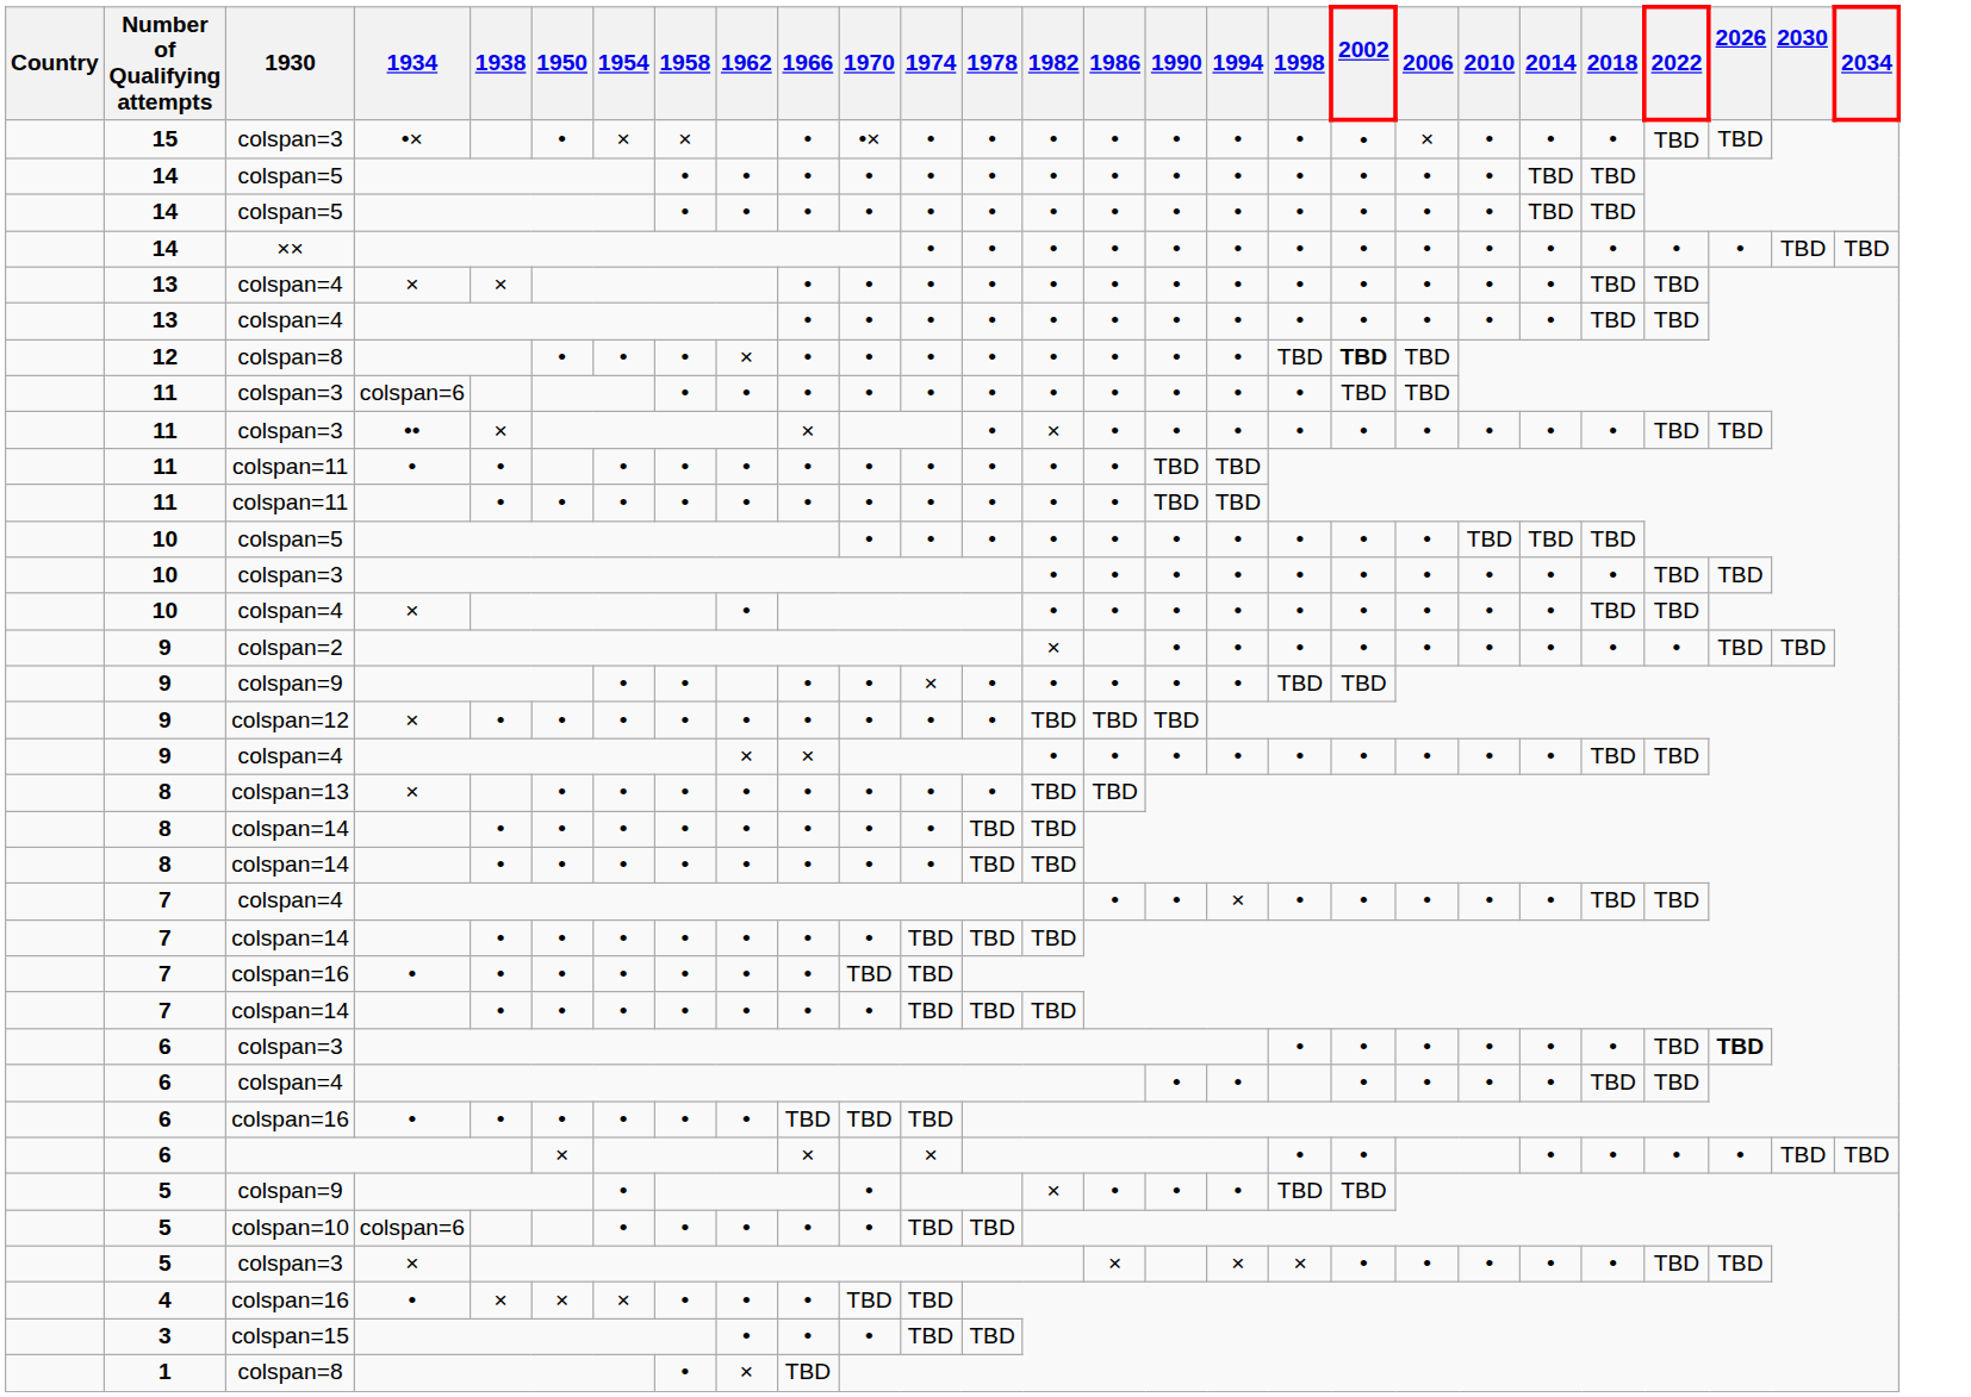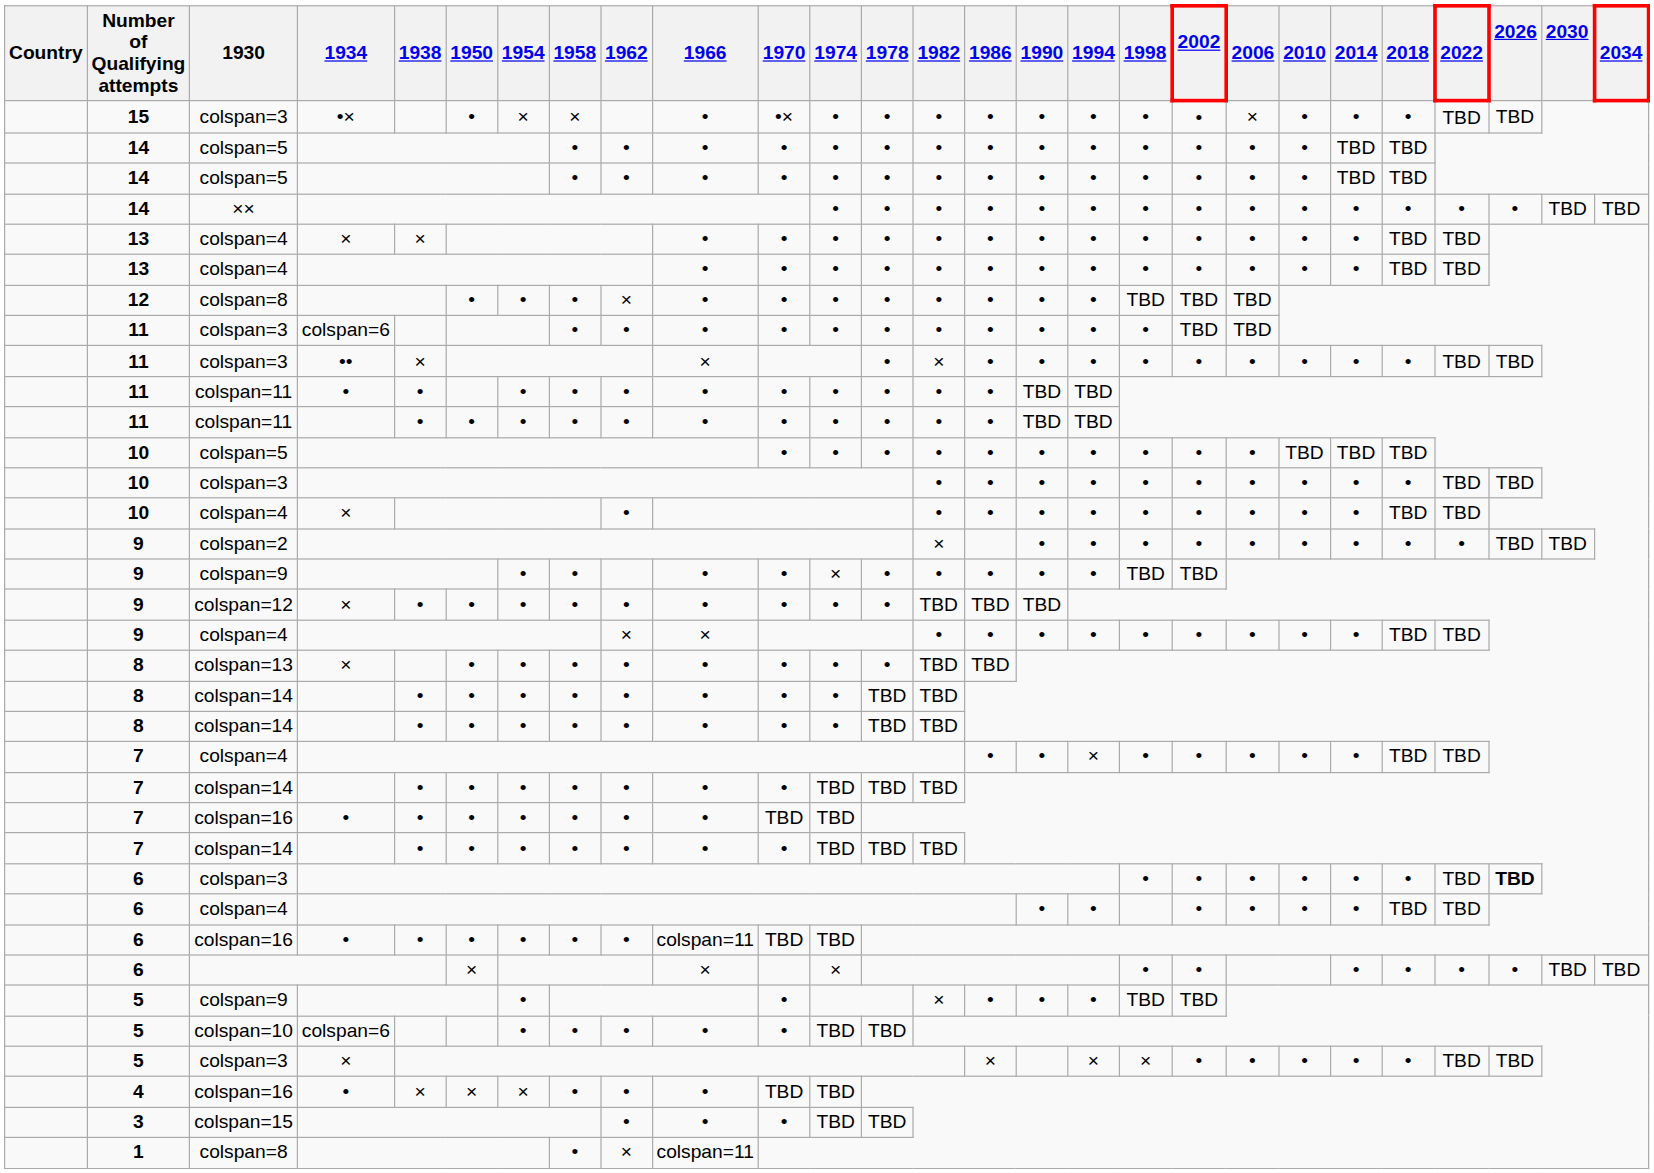 <table class="wikitable" style="text-align: center;">
 <tr>
 <th>Country</th>
 <th>Number of <br> Qualifying<br>attempts</th>
 <th>1930<br> </th>
 <th><a href='#'>1934</a><br> </th>
 <th><a href='#'>1938</a><br> </th>
 <th><a href='#'>1950</a><br> </th>
 <th><a href='#'>1954</a><br> </th>
 <th><a href='#'>1958</a><br> </th>
 <th><a href='#'>1962</a><br> </th>
 <th><a href='#'>1966</a><br> </th>
 <th><a href='#'>1970</a><br> </th>
 <th><a href='#'>1974</a><br> </th>
 <th><a href='#'>1978</a><br> </th>
 <th><a href='#'>1982</a><br> </th>
 <th><a href='#'>1986</a><br> </th>
 <th><a href='#'>1990</a><br> </th>
 <th><a href='#'>1994</a><br> </th>
 <th><a href='#'>1998</a><br> </th>
 <th style="border:3px solid red"><a href='#'>2002</a><br> <br></th>
 <th><a href='#'>2006</a><br> </th>
 <th><a href='#'>2010</a><br> </th>
 <th><a href='#'>2014</a><br> </th>
 <th><a href='#'>2018</a><br> </th>
 <th style="border:3px solid red"><a href='#'>2022</a><br> </th>
 <th><a href='#'>2026</a><br> <br> <br> </th>
 <th><a href='#'>2030</a><br> <br><br></th>
 <th style="border:3px solid red"><a href='#'>2034</a><br> </th>
 </tr>
 <tr>
 <td style="text-align: left;"></td>
 <td><strong>15</strong></td>
 <td>colspan=3  </td>
 <td>•×</td>
 <td></td>
 <td>•</td>
 <td>×</td>
 <td>×</td>
 <td></td>
 <td>•</td>
 <td>•×</td>
 <td>•</td>
 <td>•</td>
 <td>•</td>
 <td>•</td>
 <td>•</td>
 <td>•</td>
 <td>•</td>
 <td>•</td>
 <td>×</td>
 <td>•</td>
 <td>•</td>
 <td>•</td>
 <td>TBD</td>
 <td>TBD</td>
 </tr>
 <tr>
 <td style="text-align: left;"></td>
 <td><strong>14</strong></td>
 <td>colspan=5 </td>
 <td colspan=4></td>
 <td>•</td>
 <td>•</td>
 <td>•</td>
 <td>•</td>
 <td>•</td>
 <td>•</td>
 <td>•</td>
 <td>•</td>
 <td>•</td>
 <td>•</td>
 <td>•</td>
 <td>•</td>
 <td>•</td>
 <td>•</td>
 <td>TBD</td>
 <td>TBD</td>
 </tr>
 <tr>
 <td style="text-align: left;"></td>
 <td><strong>14</strong></td>
 <td>colspan=5 </td>
 <td colspan=4></td>
 <td>•</td>
 <td>•</td>
 <td>•</td>
 <td>•</td>
 <td>•</td>
 <td>•</td>
 <td>•</td>
 <td>•</td>
 <td>•</td>
 <td>•</td>
 <td>•</td>
 <td>•</td>
 <td>•</td>
 <td>•</td>
 <td>TBD</td>
 <td>TBD</td>
 </tr>
 <tr>
 <td style="text-align: left;"></td>
 <td><strong>14</strong></td>
 <td>××</td>
 <td colspan=8></td>
 <td>•</td>
 <td>•</td>
 <td>•</td>
 <td>•</td>
 <td>•</td>
 <td>•</td>
 <td>•</td>
 <td>•</td>
 <td>•</td>
 <td>•</td>
 <td>•</td>
 <td>•</td>
 <td>•</td>
 <td>•</td>
 <td>TBD</td>
 <td>TBD</td>
 </tr>
 <tr>
 <td style="text-align: left;"></td>
 <td><strong>13</strong></td>
 <td>colspan=4 </td>
 <td>×</td>
 <td>×</td>
 <td colspan=4></td>
 <td>•</td>
 <td>•</td>
 <td>•</td>
 <td>•</td>
 <td>•</td>
 <td>•</td>
 <td>•</td>
 <td>•</td>
 <td>•</td>
 <td>•</td>
 <td>•</td>
 <td>•</td>
 <td>•</td>
 <td>TBD</td>
 <td>TBD</td>
 </tr>
 <tr>
 <td style="text-align: left;"></td>
 <td><strong>13</strong></td>
 <td>colspan=4 </td>
 <td colspan=6></td>
 <td>•</td>
 <td>•</td>
 <td>•</td>
 <td>•</td>
 <td>•</td>
 <td>•</td>
 <td>•</td>
 <td>•</td>
 <td>•</td>
 <td>•</td>
 <td>•</td>
 <td>•</td>
 <td>•</td>
 <td>TBD</td>
 <td>TBD</td>
 </tr>
 <tr>
 <td style="text-align: left;"></td>
 <td><strong>12</strong></td>
 <td>colspan=8 </td>
 <td colspan=2></td>
 <td>•</td>
 <td>•</td>
 <td>•</td>
 <td>×</td>
 <td>•</td>
 <td>•</td>
 <td>•</td>
 <td>•</td>
 <td>•</td>
 <td>•</td>
 <td>•</td>
 <td>•</td>
 <td>TBD</td>
-<td><strong>TBD</strong></td>
+<td>TBD</td>
 <td>TBD</td>
 </tr>
 <tr>
 <td style="text-align: left;"></td>
 <td><strong>11</strong></td>
 <td>colspan=3 </td>
 <td>colspan=6 </td>
 <td></td>
 <td colspan=2></td>
 <td>•</td>
 <td>•</td>
 <td>•</td>
 <td>•</td>
 <td>•</td>
 <td>•</td>
 <td>•</td>
 <td>•</td>
 <td>•</td>
 <td>•</td>
 <td>•</td>
 <td>TBD</td>
 <td>TBD</td>
 </tr>
 <tr>
 <td style="text-align: left;"></td>
 <td><strong>11</strong></td>
 <td>colspan=3 </td>
 <td>••</td>
 <td>×</td>
 <td colspan=4></td>
 <td>×</td>
 <td colspan=2></td>
 <td>•</td>
 <td>×</td>
 <td>•</td>
 <td>•</td>
 <td>•</td>
 <td>•</td>
 <td>•</td>
 <td>•</td>
 <td>•</td>
 <td>•</td>
 <td>•</td>
 <td>TBD</td>
 <td>TBD</td>
 </tr>
 <tr>
 <td style="text-align: left;"></td>
 <td><strong>11</strong></td>
 <td>colspan=11 </td>
 <td>•</td>
 <td>•</td>
 <td></td>
 <td>•</td>
 <td>•</td>
 <td>•</td>
 <td>•</td>
 <td>•</td>
 <td>•</td>
 <td>•</td>
 <td>•</td>
 <td>•</td>
 <td>TBD</td>
 <td>TBD</td>
 </tr>
 <tr>
 <td style="text-align: left;"></td>
 <td><strong>11</strong></td>
 <td>colspan=11 </td>
 <td></td>
 <td>•</td>
 <td>•</td>
 <td>•</td>
 <td>•</td>
 <td>•</td>
 <td>•</td>
 <td>•</td>
 <td>•</td>
 <td>•</td>
 <td>•</td>
 <td>•</td>
 <td>TBD</td>
 <td>TBD</td>
 </tr>
 <tr>
 <td style="text-align: left;"></td>
 <td><strong>10</strong></td>
 <td>colspan=5 </td>
 <td colspan=7></td>
 <td>•</td>
 <td>•</td>
 <td>•</td>
 <td>•</td>
 <td>•</td>
 <td>•</td>
 <td>•</td>
 <td>•</td>
 <td>•</td>
 <td>•</td>
 <td>TBD</td>
 <td>TBD</td>
 <td>TBD</td>
 </tr>
 <tr>
 <td style="text-align: left;"></td>
 <td><strong>10</strong></td>
 <td>colspan=3 </td>
 <td colspan=10></td>
 <td>•</td>
 <td>•</td>
 <td>•</td>
 <td>•</td>
 <td>•</td>
 <td>•</td>
 <td>•</td>
 <td>•</td>
 <td>•</td>
 <td>•</td>
 <td>TBD</td>
 <td>TBD</td>
 </tr>
 <tr>
 <td style="text-align: left;"></td>
 <td><strong>10</strong></td>
 <td>colspan=4 </td>
 <td>×</td>
 <td colspan=4></td>
 <td>•</td>
 <td colspan=4></td>
 <td>•</td>
 <td>•</td>
 <td>•</td>
 <td>•</td>
 <td>•</td>
 <td>•</td>
 <td>•</td>
 <td>•</td>
 <td>•</td>
 <td>TBD</td>
 <td>TBD</td>
 </tr>
 <tr>
 <td style="text-align: left;"></td>
 <td><strong>9</strong></td>
 <td>colspan=2 </td>
 <td colspan=10></td>
 <td>×</td>
 <td></td>
 <td>•</td>
 <td>•</td>
 <td>•</td>
 <td>•</td>
 <td>•</td>
 <td>•</td>
 <td>•</td>
 <td>•</td>
 <td>•</td>
 <td>TBD</td>
 <td>TBD</td>
 </tr>
 <tr>
 <td style="text-align: left;"></td>
 <td><strong>9</strong></td>
 <td>colspan=9 </td>
 <td colspan=3></td>
 <td>•</td>
 <td>•</td>
 <td></td>
 <td>•</td>
 <td>•</td>
 <td>×</td>
 <td>•</td>
 <td>•</td>
 <td>•</td>
 <td>•</td>
 <td>•</td>
 <td>TBD</td>
 <td>TBD</td>
 </tr>
 <tr>
 <td style="text-align: left;"></td>
 <td><strong>9</strong></td>
 <td>colspan=12 </td>
 <td>×</td>
 <td>•</td>
 <td>•</td>
 <td>•</td>
 <td>•</td>
 <td>•</td>
 <td>•</td>
 <td>•</td>
 <td>•</td>
 <td>•</td>
 <td>TBD</td>
 <td>TBD</td>
 <td>TBD</td>
 </tr>
 <tr>
 <td style="text-align: left;"></td>
 <td><strong>9</strong></td>
 <td>colspan=4 </td>
 <td colspan=5></td>
 <td>×</td>
 <td>×</td>
 <td colspan=3></td>
 <td>•</td>
 <td>•</td>
 <td>•</td>
 <td>•</td>
 <td>•</td>
 <td>•</td>
 <td>•</td>
 <td>•</td>
 <td>•</td>
 <td>TBD</td>
 <td>TBD</td>
 </tr>
 <tr>
 <td style="text-align: left;"></td>
 <td><strong>8</strong></td>
 <td>colspan=13 </td>
 <td>×</td>
 <td></td>
 <td>•</td>
 <td>•</td>
 <td>•</td>
 <td>•</td>
 <td>•</td>
 <td>•</td>
 <td>•</td>
 <td>•</td>
 <td>TBD</td>
 <td>TBD</td>
 </tr>
 <tr>
 <td style="text-align: left;"></td>
 <td><strong>8</strong></td>
 <td>colspan=14 </td>
 <td></td>
 <td>•</td>
 <td>•</td>
 <td>•</td>
 <td>•</td>
 <td>•</td>
 <td>•</td>
 <td>•</td>
 <td>•</td>
 <td>TBD</td>
 <td>TBD</td>
 </tr>
 <tr>
 <td style="text-align: left;"></td>
 <td><strong>8</strong></td>
 <td>colspan=14 </td>
 <td></td>
 <td>•</td>
 <td>•</td>
 <td>•</td>
 <td>•</td>
 <td>•</td>
 <td>•</td>
 <td>•</td>
 <td>•</td>
 <td>TBD</td>
 <td>TBD</td>
 </tr>
 <tr>
 <td style="text-align: left;"></td>
 <td><strong>7</strong></td>
 <td>colspan=4 </td>
 <td colspan=11></td>
 <td>•</td>
 <td>•</td>
 <td>×</td>
 <td>•</td>
 <td>•</td>
 <td>•</td>
 <td>•</td>
 <td>•</td>
 <td>TBD</td>
 <td>TBD</td>
 </tr>
 <tr>
 <td style="text-align: left;"></td>
 <td><strong>7</strong></td>
 <td>colspan=14 </td>
 <td></td>
 <td>•</td>
 <td>•</td>
 <td>•</td>
 <td>•</td>
 <td>•</td>
 <td>•</td>
 <td>•</td>
 <td>TBD</td>
 <td>TBD</td>
 <td>TBD</td>
 </tr>
 <tr>
 <td style="text-align: left;"></td>
 <td><strong>7</strong></td>
 <td>colspan=16 </td>
 <td>•</td>
 <td>•</td>
 <td>•</td>
 <td>•</td>
 <td>•</td>
 <td>•</td>
 <td>•</td>
 <td>TBD</td>
 <td>TBD</td>
 </tr>
 <tr>
 <td style="text-align: left;"></td>
 <td><strong>7</strong></td>
 <td>colspan=14 </td>
 <td></td>
 <td>•</td>
 <td>•</td>
 <td>•</td>
 <td>•</td>
 <td>•</td>
 <td>•</td>
 <td>•</td>
 <td>TBD</td>
 <td>TBD</td>
 <td>TBD</td>
 </tr>
 <tr>
 <td style="text-align: left;"></td>
 <td><strong>6</strong></td>
 <td>colspan=3 </td>
 <td colspan=14></td>
 <td>•</td>
 <td>•</td>
 <td>•</td>
 <td>•</td>
 <td>•</td>
 <td>•</td>
 <td>TBD</td>
 <td><strong>TBD</strong></td>
 </tr>
 <tr>
 <td style="text-align: left;"></td>
 <td><strong>6</strong></td>
 <td>colspan=4 </td>
 <td colspan=12></td>
 <td>•</td>
 <td>•</td>
 <td></td>
 <td>•</td>
 <td>•</td>
 <td>•</td>
 <td>•</td>
 <td>TBD</td>
 <td>TBD</td>
 </tr>
 <tr>
 <td style="text-align: left;"></td>
 <td><strong>6</strong></td>
 <td>colspan=16 </td>
 <td>•</td>
 <td>•</td>
 <td>•</td>
 <td>•</td>
 <td>•</td>
 <td>•</td>
-<td>TBD</td>
+<td>colspan=11 </td>
 <td>TBD</td>
 <td>TBD</td>
 </tr>
 <tr>
 <td style="text-align: left;"></td>
 <td><strong>6</strong></td>
 <td colspan=3></td>
 <td>×</td>
 <td colspan=3></td>
 <td>×</td>
 <td></td>
 <td>×</td>
 <td colspan=5></td>
 <td>•</td>
 <td>•</td>
 <td colspan=2></td>
 <td>•</td>
 <td>•</td>
 <td>•</td>
 <td>•</td>
 <td>TBD</td>
 <td>TBD</td>
 </tr>
 <tr>
 <td style="text-align: left;"></td>
 <td><strong>5</strong></td>
 <td>colspan=9 </td>
 <td colspan=3></td>
 <td>•</td>
 <td colspan=3></td>
 <td>•</td>
 <td colspan=2></td>
 <td>×</td>
 <td>•</td>
 <td>•</td>
 <td>•</td>
 <td>TBD</td>
 <td>TBD</td>
 </tr>
 <tr>
 <td style="text-align: left;"></td>
 <td><strong>5</strong></td>
 <td>colspan=10 </td>
 <td>colspan=6 </td>
 <td></td>
 <td></td>
 <td>•</td>
 <td>•</td>
 <td>•</td>
 <td>•</td>
 <td>•</td>
 <td>TBD</td>
 <td>TBD</td>
 </tr>
 <tr>
 <td style="text-align: left;"></td>
 <td><strong>5</strong></td>
 <td>colspan=3 </td>
 <td>×</td>
 <td colspan=10></td>
 <td>×</td>
 <td></td>
 <td>×</td>
 <td>×</td>
 <td>•</td>
 <td>•</td>
 <td>•</td>
 <td>•</td>
 <td>•</td>
 <td>TBD</td>
 <td>TBD</td>
 </tr>
 <tr>
 <td style="text-align: left;"></td>
 <td><strong>4</strong></td>
 <td>colspan=16 </td>
 <td>•</td>
 <td>×</td>
 <td>×</td>
 <td>×</td>
 <td>•</td>
 <td>•</td>
 <td>•</td>
 <td>TBD</td>
 <td>TBD</td>
 </tr>
 <tr>
 <td style="text-align: left;"></td>
 <td><strong>3</strong></td>
 <td>colspan=15 </td>
 <td colspan=5></td>
 <td>•</td>
 <td>•</td>
 <td>•</td>
 <td>TBD</td>
 <td>TBD</td>
 </tr>
 <tr>
 <td style="text-align: left;"><em></em></td>
 <td><strong>1</strong></td>
 <td>colspan=8 </td>
 <td colspan=4></td>
 <td>•</td>
 <td>×</td>
-<td>TBD</td>
+<td>colspan=11 </td>
 </tr>
 <tr>
 </tr>
 </table>
